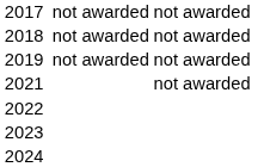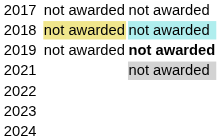 <table>
 <tr>
 <td align="center">2017</td>
 <td></td>
 <td>not awarded</td>
 <td>not awarded</td>
 </tr>
 <tr>
 <td align="center">2018</td>
 <td></td>
-<td>not awarded</td>
-<td>not awarded</td>
+<td style="background: khaki;">not awarded</td>
+<td style="background: paleturquoise;">not awarded</td>
 </tr>
 <tr>
 <td align="center">2019</td>
 <td></td>
 <td>not awarded</td>
-<td>not awarded</td>
+<td><strong>not awarded</strong></td>
 </tr>
 <tr>
 <td align="center">2021</td>
 <td></td>
 <td></td>
-<td>not awarded</td>
+<td style="background: lightgrey;">not awarded</td>
 </tr>
 <tr>
 <td align="center">2022</td>
 <td></td>
 <td></td>
 <td></td>
 </tr>
 <tr>
 <td align="center">2023</td>
 <td></td>
 <td></td>
 <td></td>
 </tr>
 <tr>
 <td align="center">2024</td>
 <td></td>
 <td></td>
 <td></td>
 </tr>
 </table>
